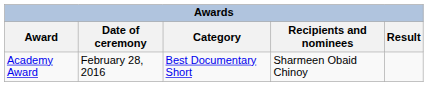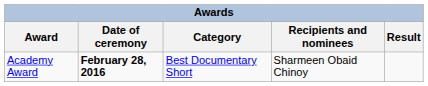 <table class="wikitable">
 <tr>
 <th colspan="5" style="background: LightSteelBlue;">Awards</th>
 </tr>
 <tr>
 <th>Award</th>
 <th>Date of ceremony</th>
 <th>Category</th>
 <th>Recipients and nominees</th>
 <th>Result</th>
 </tr>
 <tr>
 <td><a href='#'>Academy Award</a></td>
-<td>February 28, 2016</td>
+<td><strong>February 28, 2016</strong></td>
 <td><a href='#'>Best Documentary Short</a></td>
 <td>Sharmeen Obaid Chinoy </td>
 <td></td>
 </tr>
 </table>
